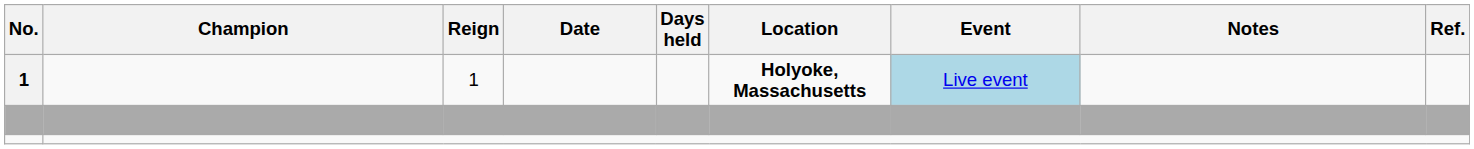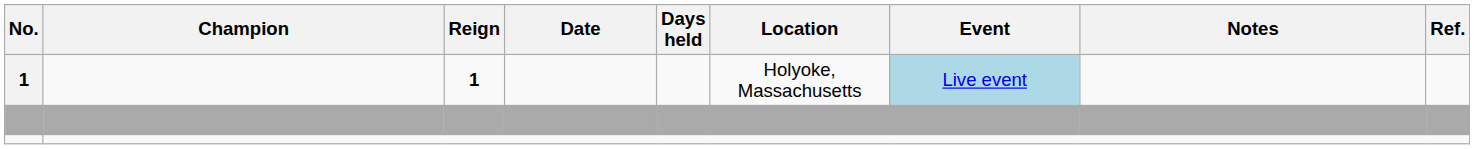 <table class="wikitable sortable" style="text-align: center" width=100%>
 <tr>
 <th width=0 data-sort-type="number">No.</th>
 <th width=32%>Champion</th>
 <th width=0>Reign</th>
 <th width=12%>Date</th>
 <th width=0 data-sort-type="number">Days held</th>
 <th width=13%>Location</th>
 <th width=15%>Event</th>
 <th width=60% class="unsortable">Notes</th>
 <th width=0 class="unsortable">Ref.</th>
 </tr>
 <tr>
 <th>1</th>
 <td></td>
-<td>1</td>
+<td><strong>1</strong></td>
 <td></td>
 <td></td>
-<td><strong>Holyoke, Massachusetts</strong></td>
+<td>Holyoke, Massachusetts</td>
 <td style="background: lightblue;"><a href='#'>Live event</a></td>
 <td align=left> </td>
 <td></td>
 </tr>
 <tr>
 <td style="background: #aaaaaa;"></td>
 <td style="background: #aaaaaa;"> </td>
 <td style="background: #aaaaaa;"> </td>
 <td style="background: #aaaaaa;"> </td>
 <td style="background: #aaaaaa;"> </td>
 <td style="background: #aaaaaa;"> </td>
 <td style="background: #aaaaaa;"> </td>
 <td style="background: #aaaaaa;"> </td>
 <td style="background: #aaaaaa;"> </td>
 </tr>
 <tr>
 <td></td>
 </tr>
 </table>
